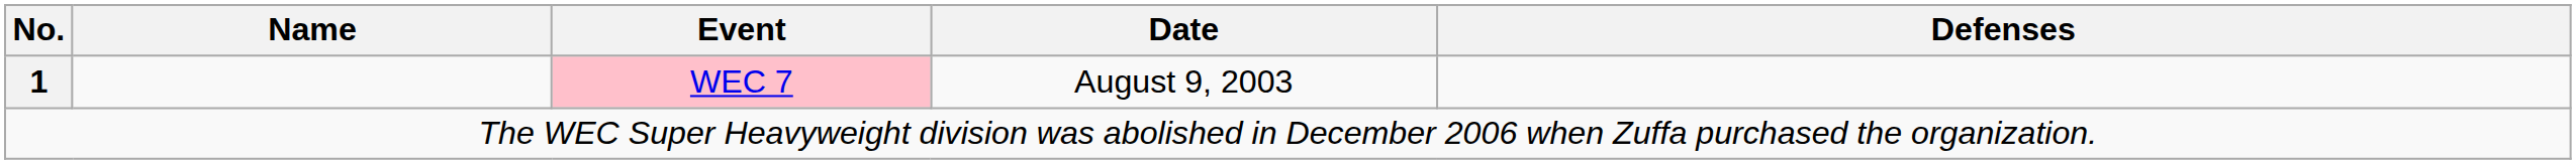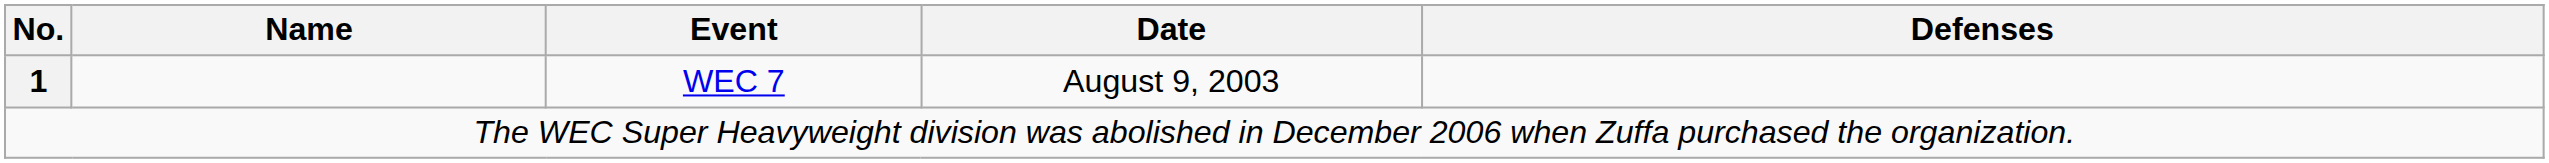 <table class="wikitable" width=100%>
 <tr>
 <th width=1%>No.</th>
 <th width=19%>Name</th>
 <th width=15%>Event</th>
 <th width=20%>Date</th>
 <th width=45%>Defenses</th>
 </tr>
 <tr>
 <th>1</th>
 <td align=left><br></td>
-<td align=center style="background: pink;"><a href='#'>WEC 7</a> <br></td>
+<td align=center><a href='#'>WEC 7</a> <br></td>
 <td align=center>August 9, 2003</td>
 <td></td>
 </tr>
 <tr>
 <td align="center" colspan="5"><em>The WEC Super Heavyweight division was abolished in December 2006 when Zuffa purchased the organization.</em></td>
 </tr>
 </table>
